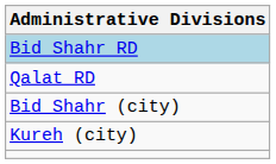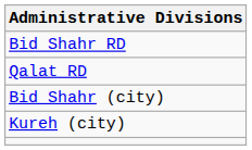 <table class="wikitable">
 <tr>
 <th>Administrative Divisions</th>
 </tr>
 <tr>
-<td style="background: lightblue;"><a href='#'>Bid Shahr RD</a></td>
+<td><a href='#'>Bid Shahr RD</a></td>
 </tr>
 <tr>
 <td><a href='#'>Qalat RD</a></td>
 </tr>
 <tr>
 <td><a href='#'>Bid Shahr</a> (city)</td>
 </tr>
 <tr>
 <td><a href='#'>Kureh</a> (city)</td>
 </tr>
 <tr>
 <td colspan=1></td>
 </tr>
 </table>
